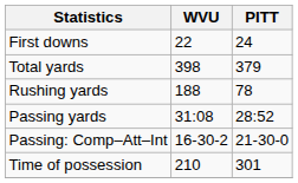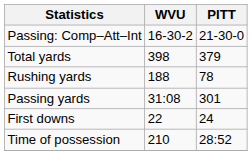 <table class="wikitable" style="float: left;">
 <tr>
 <th>Statistics</th>
 <th>WVU</th>
 <th>PITT</th>
 </tr>
 <tr>
-<td>First downs</td>
-<td>22</td>
-<td>24</td>
+<td>Passing: Comp–Att–Int</td>
+<td>16-30-2</td>
+<td>21-30-0</td>
 </tr>
 <tr>
 <td>Total yards</td>
 <td>398</td>
 <td>379</td>
 </tr>
 <tr>
 <td>Rushing yards</td>
 <td>188</td>
 <td>78</td>
 </tr>
 <tr>
 <td>Passing yards</td>
 <td>31:08</td>
-<td>28:52</td>
+<td>301</td>
 </tr>
 <tr>
-<td>Passing: Comp–Att–Int</td>
-<td>16-30-2</td>
-<td>21-30-0</td>
+<td>First downs</td>
+<td>22</td>
+<td>24</td>
 </tr>
 <tr>
 <td>Time of possession</td>
 <td>210</td>
-<td>301</td>
+<td>28:52</td>
 </tr>
 <tr>
 </tr>
 </table>
